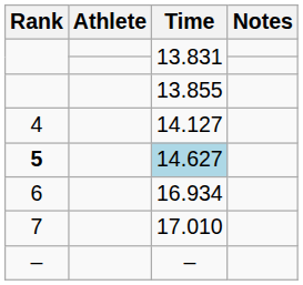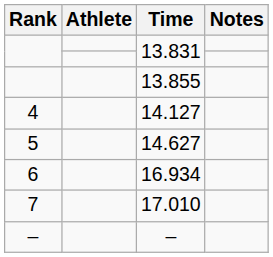 <table class="wikitable sortable" style="text-align:center">
 <tr>
 <th>Rank</th>
 <th>Athlete</th>
 <th>Time</th>
 <th>Notes</th>
 </tr>
 <tr>
 <td rowspan=2></td>
 <td align=left></td>
 <td rowspan=2>13.831</td>
 <td></td>
 </tr>
 <tr>
 <td align=left></td>
 <td></td>
 </tr>
 <tr>
 <td></td>
 <td align=left></td>
 <td>13.855</td>
 <td></td>
 </tr>
 <tr>
 <td>4</td>
 <td align=left></td>
 <td>14.127</td>
 <td></td>
 </tr>
 <tr>
-<td><strong>5</strong></td>
+<td>5</td>
 <td align=left></td>
-<td style="background: lightblue;">14.627</td>
+<td>14.627</td>
 <td></td>
 </tr>
 <tr>
 <td>6</td>
 <td align=left></td>
 <td>16.934</td>
 <td></td>
 </tr>
 <tr>
 <td>7</td>
 <td align=left></td>
 <td>17.010</td>
 <td></td>
 </tr>
 <tr>
 <td>–</td>
 <td align=left></td>
 <td>–</td>
 <td></td>
 </tr>
 </table>
